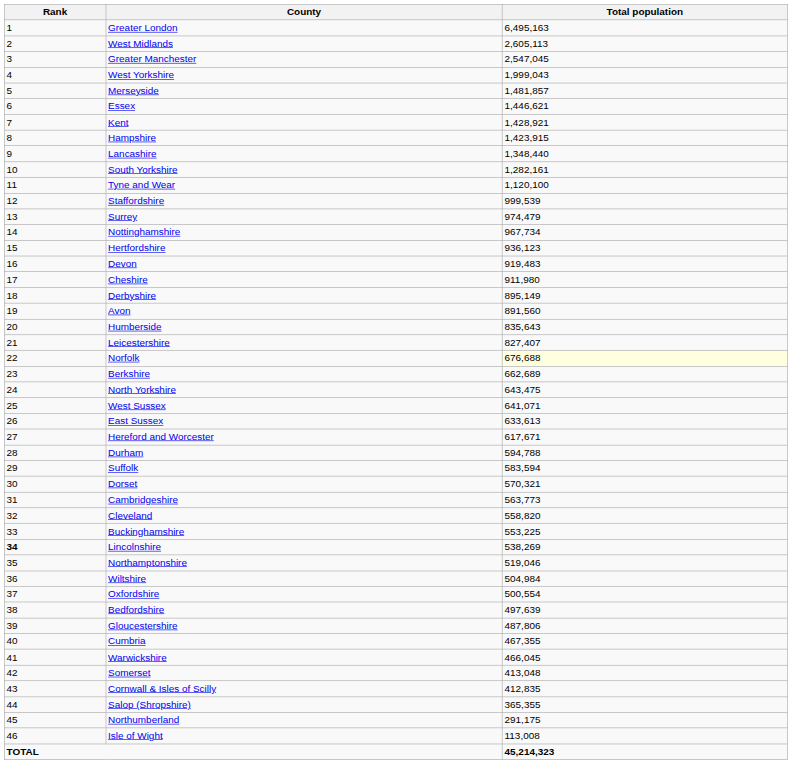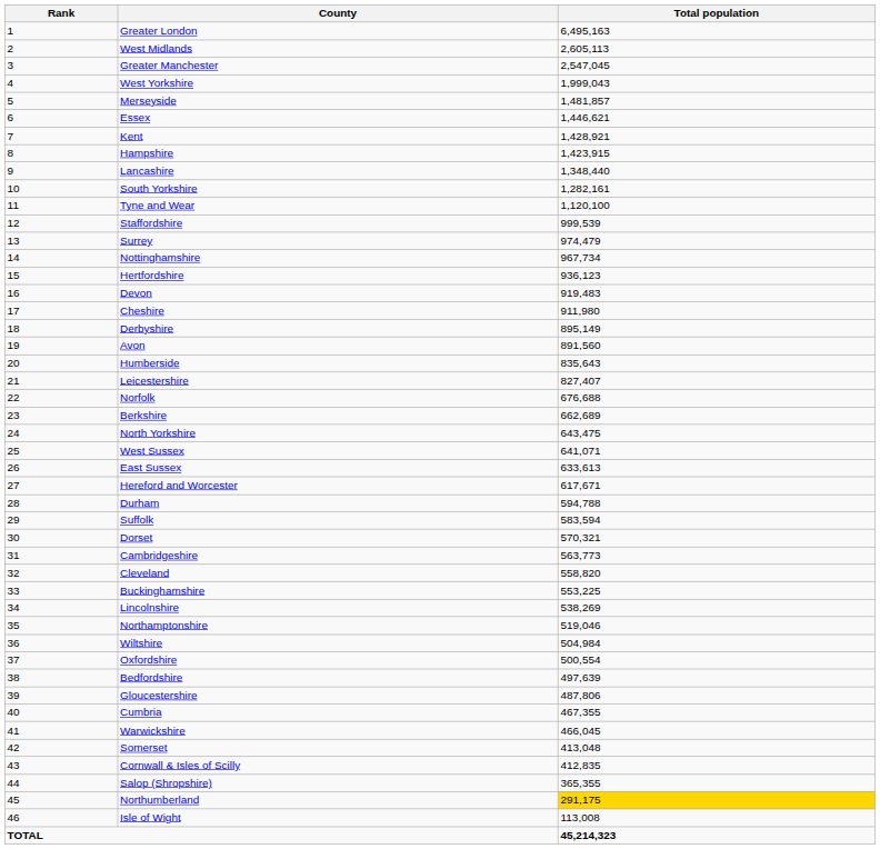 <table class="wikitable sortable" width="100%">
 <tr>
 <th>Rank</th>
 <th>County</th>
 <th>Total population</th>
 </tr>
 <tr>
 <td>1</td>
 <td><a href='#'>Greater London</a></td>
 <td>6,495,163</td>
 </tr>
 <tr>
 <td>2</td>
 <td><a href='#'>West Midlands</a></td>
 <td>2,605,113</td>
 </tr>
 <tr>
 <td>3</td>
 <td><a href='#'>Greater Manchester</a></td>
 <td>2,547,045</td>
 </tr>
 <tr>
 <td>4</td>
 <td><a href='#'>West Yorkshire</a></td>
 <td>1,999,043</td>
 </tr>
 <tr>
 <td>5</td>
 <td><a href='#'>Merseyside</a></td>
 <td>1,481,857</td>
 </tr>
 <tr>
 <td>6</td>
 <td><a href='#'>Essex</a></td>
 <td>1,446,621</td>
 </tr>
 <tr>
 <td>7</td>
 <td><a href='#'>Kent</a></td>
 <td>1,428,921</td>
 </tr>
 <tr>
 <td>8</td>
 <td><a href='#'>Hampshire</a></td>
 <td>1,423,915</td>
 </tr>
 <tr>
 <td>9</td>
 <td><a href='#'>Lancashire</a></td>
 <td>1,348,440</td>
 </tr>
 <tr>
 <td>10</td>
 <td><a href='#'>South Yorkshire</a></td>
 <td>1,282,161</td>
 </tr>
 <tr>
 <td>11</td>
 <td><a href='#'>Tyne and Wear</a></td>
 <td>1,120,100</td>
 </tr>
 <tr>
 <td>12</td>
 <td><a href='#'>Staffordshire</a></td>
 <td>999,539</td>
 </tr>
 <tr>
 <td>13</td>
 <td><a href='#'>Surrey</a></td>
 <td>974,479</td>
 </tr>
 <tr>
 <td>14</td>
 <td><a href='#'>Nottinghamshire</a></td>
 <td>967,734</td>
 </tr>
 <tr>
 <td>15</td>
 <td><a href='#'>Hertfordshire</a></td>
 <td>936,123</td>
 </tr>
 <tr>
 <td>16</td>
 <td><a href='#'>Devon</a></td>
 <td>919,483</td>
 </tr>
 <tr>
 <td>17</td>
 <td><a href='#'>Cheshire</a></td>
 <td>911,980</td>
 </tr>
 <tr>
 <td>18</td>
 <td><a href='#'>Derbyshire</a></td>
 <td>895,149</td>
 </tr>
 <tr>
 <td>19</td>
 <td><a href='#'>Avon</a></td>
 <td>891,560</td>
 </tr>
 <tr>
 <td>20</td>
 <td><a href='#'>Humberside</a></td>
 <td>835,643</td>
 </tr>
 <tr>
 <td>21</td>
 <td><a href='#'>Leicestershire</a></td>
 <td>827,407</td>
 </tr>
 <tr>
 <td>22</td>
 <td><a href='#'>Norfolk</a></td>
-<td style="background: lightyellow;">676,688</td>
+<td>676,688</td>
 </tr>
 <tr>
 <td>23</td>
 <td><a href='#'>Berkshire</a></td>
 <td>662,689</td>
 </tr>
 <tr>
 <td>24</td>
 <td><a href='#'>North Yorkshire</a></td>
 <td>643,475</td>
 </tr>
 <tr>
 <td>25</td>
 <td><a href='#'>West Sussex</a></td>
 <td>641,071</td>
 </tr>
 <tr>
 <td>26</td>
 <td><a href='#'>East Sussex</a></td>
 <td>633,613</td>
 </tr>
 <tr>
 <td>27</td>
 <td><a href='#'>Hereford and Worcester</a></td>
 <td>617,671</td>
 </tr>
 <tr>
 <td>28</td>
 <td><a href='#'>Durham</a></td>
 <td>594,788</td>
 </tr>
 <tr>
 <td>29</td>
 <td><a href='#'>Suffolk</a></td>
 <td>583,594</td>
 </tr>
 <tr>
 <td>30</td>
 <td><a href='#'>Dorset</a></td>
 <td>570,321</td>
 </tr>
 <tr>
 <td>31</td>
 <td><a href='#'>Cambridgeshire</a></td>
 <td>563,773</td>
 </tr>
 <tr>
 <td>32</td>
 <td><a href='#'>Cleveland</a></td>
 <td>558,820</td>
 </tr>
 <tr>
 <td>33</td>
 <td><a href='#'>Buckinghamshire</a></td>
 <td>553,225</td>
 </tr>
 <tr>
-<td><strong>34</strong></td>
+<td>34</td>
 <td><a href='#'>Lincolnshire</a></td>
 <td>538,269</td>
 </tr>
 <tr>
 <td>35</td>
 <td><a href='#'>Northamptonshire</a></td>
 <td>519,046</td>
 </tr>
 <tr>
 <td>36</td>
 <td><a href='#'>Wiltshire</a></td>
 <td>504,984</td>
 </tr>
 <tr>
 <td>37</td>
 <td><a href='#'>Oxfordshire</a></td>
 <td>500,554</td>
 </tr>
 <tr>
 <td>38</td>
 <td><a href='#'>Bedfordshire</a></td>
 <td>497,639</td>
 </tr>
 <tr>
 <td>39</td>
 <td><a href='#'>Gloucestershire</a></td>
 <td>487,806</td>
 </tr>
 <tr>
 <td>40</td>
 <td><a href='#'>Cumbria</a></td>
 <td>467,355</td>
 </tr>
 <tr>
 <td>41</td>
 <td><a href='#'>Warwickshire</a></td>
 <td>466,045</td>
 </tr>
 <tr>
 <td>42</td>
 <td><a href='#'>Somerset</a></td>
 <td>413,048</td>
 </tr>
 <tr>
 <td>43</td>
 <td><a href='#'>Cornwall & Isles of Scilly</a></td>
 <td>412,835</td>
 </tr>
 <tr>
 <td>44</td>
 <td><a href='#'>Salop (Shropshire)</a></td>
 <td>365,355</td>
 </tr>
 <tr>
 <td>45</td>
 <td><a href='#'>Northumberland</a></td>
-<td>291,175</td>
+<td style="background: gold;">291,175</td>
 </tr>
 <tr>
 <td>46</td>
 <td><a href='#'>Isle of Wight</a></td>
 <td>113,008</td>
 </tr>
 <tr>
 <td colspan="2"><strong>TOTAL</strong></td>
 <td><strong>45,214,323</strong></td>
 </tr>
 </table>
